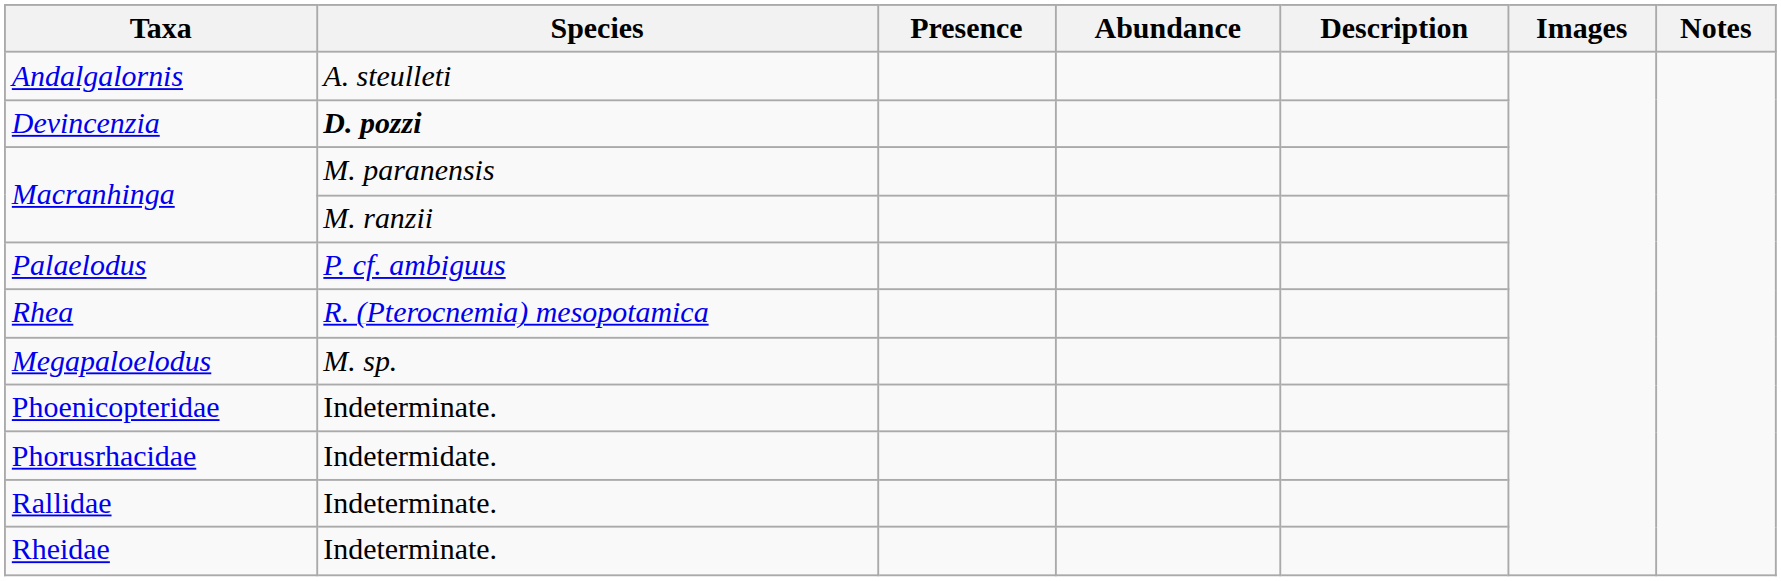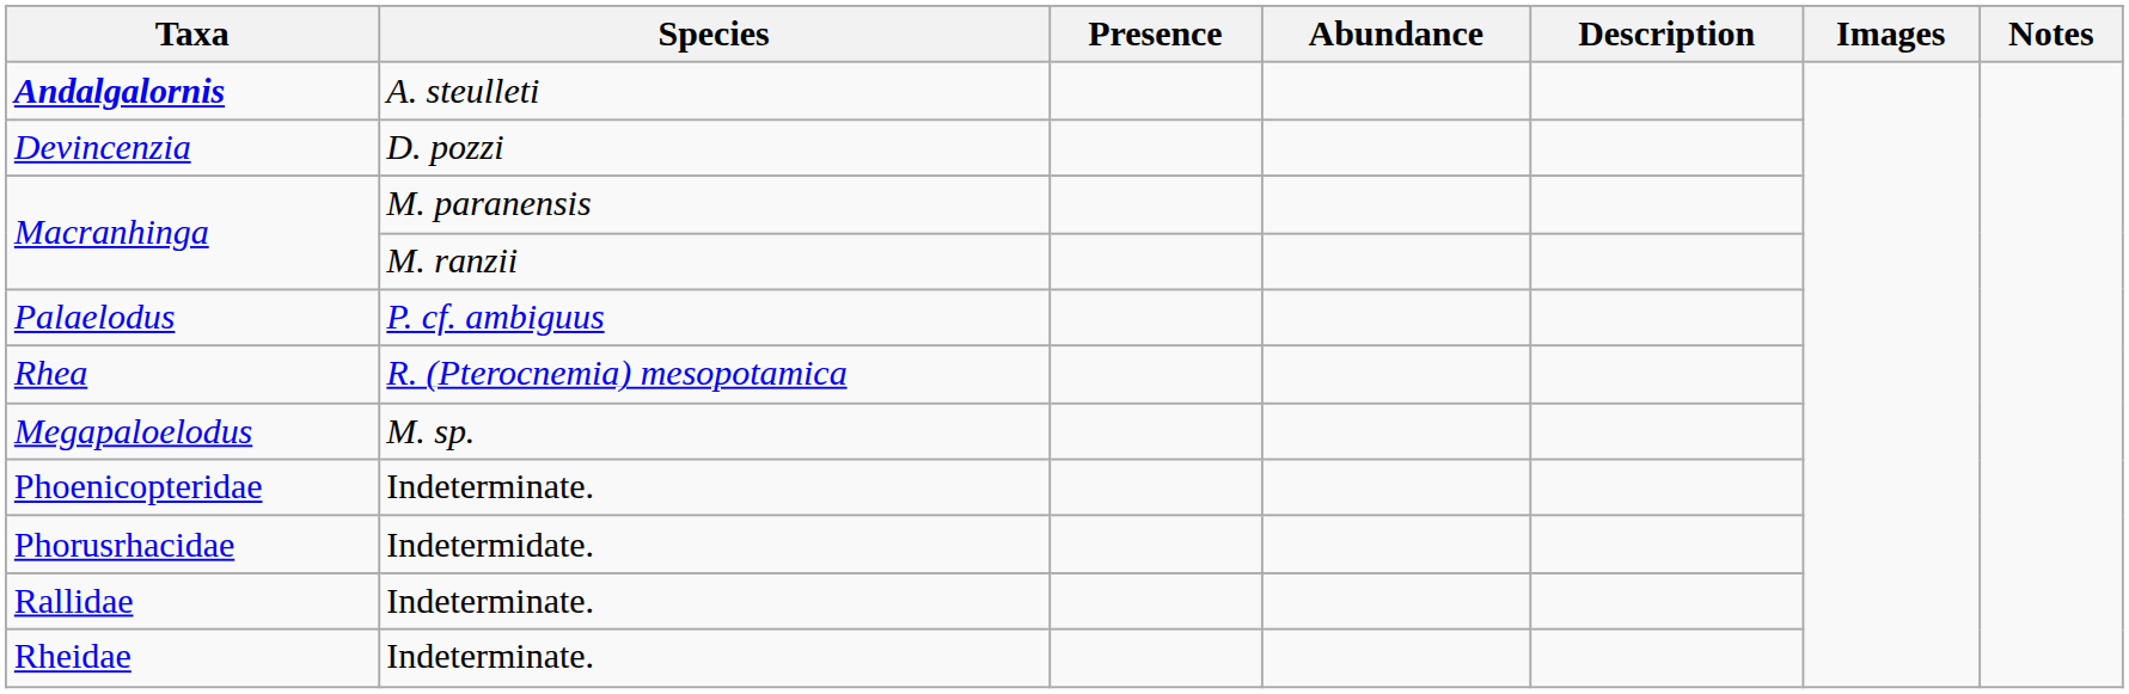 <table class="wikitable sortable" align="center" width="75%">
 <tr>
 <th>Taxa</th>
 <th>Species</th>
 <th>Presence</th>
 <th>Abundance</th>
 <th>Description</th>
 <th>Images</th>
 <th>Notes</th>
 </tr>
 <tr>
-<td><em><a href='#'>Andalgalornis</a></em></td>
+<td><strong><em><a href='#'>Andalgalornis</a></em></strong></td>
 <td><em>A. steulleti</em></td>
 <td></td>
 <td></td>
 <td></td>
 <td rowspan=100> <br><br></td>
 <td rowspan=100></td>
 </tr>
 <tr>
 <td><em><a href='#'>Devincenzia</a></em></td>
-<td><strong><em>D. pozzi</em></strong></td>
+<td><em>D. pozzi</em></td>
 <td></td>
 <td></td>
 <td></td>
 </tr>
 <tr>
 <td rowspan = "2"><em><a href='#'>Macranhinga</a></em></td>
 <td><em>M. paranensis</em></td>
 <td></td>
 <td></td>
 <td></td>
 </tr>
 <tr>
 <td><em>M. ranzii</em></td>
 <td></td>
 <td></td>
 </tr>
 <tr>
 <td><em><a href='#'>Palaelodus</a></em></td>
 <td><em><a href='#'>P. cf. ambiguus</a></em></td>
 <td></td>
 <td></td>
 <td></td>
 </tr>
 <tr>
 <td><em><a href='#'>Rhea</a></em></td>
 <td><em><a href='#'>R. (Pterocnemia) mesopotamica</a></em></td>
 <td></td>
 <td></td>
 <td></td>
 </tr>
 <tr>
 <td><em><a href='#'>Megapaloelodus</a></em></td>
 <td><em>M. sp.</em></td>
 <td></td>
 <td></td>
 <td></td>
 </tr>
 <tr>
 <td><a href='#'>Phoenicopteridae</a></td>
 <td>Indeterminate.</td>
 <td></td>
 <td></td>
 </tr>
 <tr>
 <td><a href='#'>Phorusrhacidae</a></td>
 <td>Indetermidate.</td>
 <td></td>
 <td></td>
 <td></td>
 </tr>
 <tr>
 <td><a href='#'>Rallidae</a></td>
 <td>Indeterminate.</td>
 <td></td>
 <td></td>
 <td></td>
 </tr>
 <tr>
 <td><a href='#'>Rheidae</a></td>
 <td>Indeterminate.</td>
 <td></td>
 <td></td>
 <td></td>
 </tr>
 </table>
